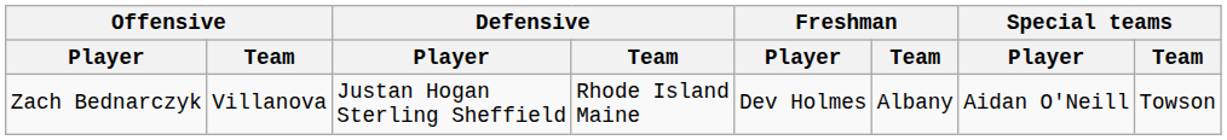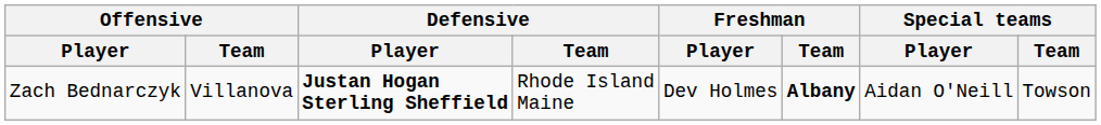 <table class="wikitable" border="1">
 <tr>
 <th colspan="2">Offensive</th>
 <th colspan="2">Defensive</th>
 <th colspan="2">Freshman</th>
 <th colspan="2">Special teams</th>
 </tr>
 <tr>
 <th>Player</th>
 <th>Team</th>
 <th>Player</th>
 <th>Team</th>
 <th>Player</th>
 <th>Team</th>
 <th>Player</th>
 <th>Team</th>
 </tr>
 <tr>
 <td>Zach Bednarczyk</td>
 <td>Villanova</td>
-<td>Justan Hogan<br>Sterling Sheffield</td>
+<td><strong>Justan Hogan<br>Sterling Sheffield</strong></td>
 <td>Rhode Island<br>Maine</td>
 <td>Dev Holmes</td>
-<td>Albany</td>
+<td><strong>Albany</strong></td>
 <td>Aidan O'Neill</td>
 <td>Towson</td>
 </tr>
 </table>
